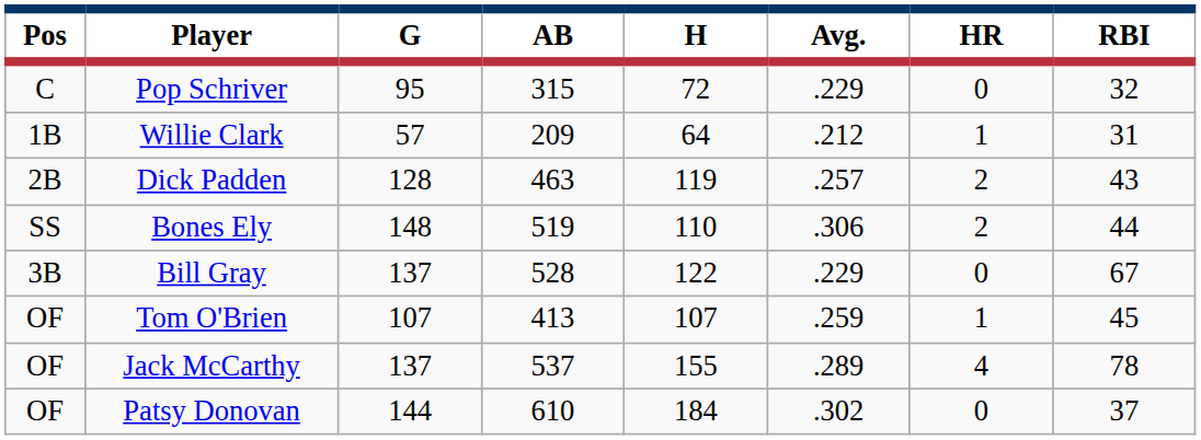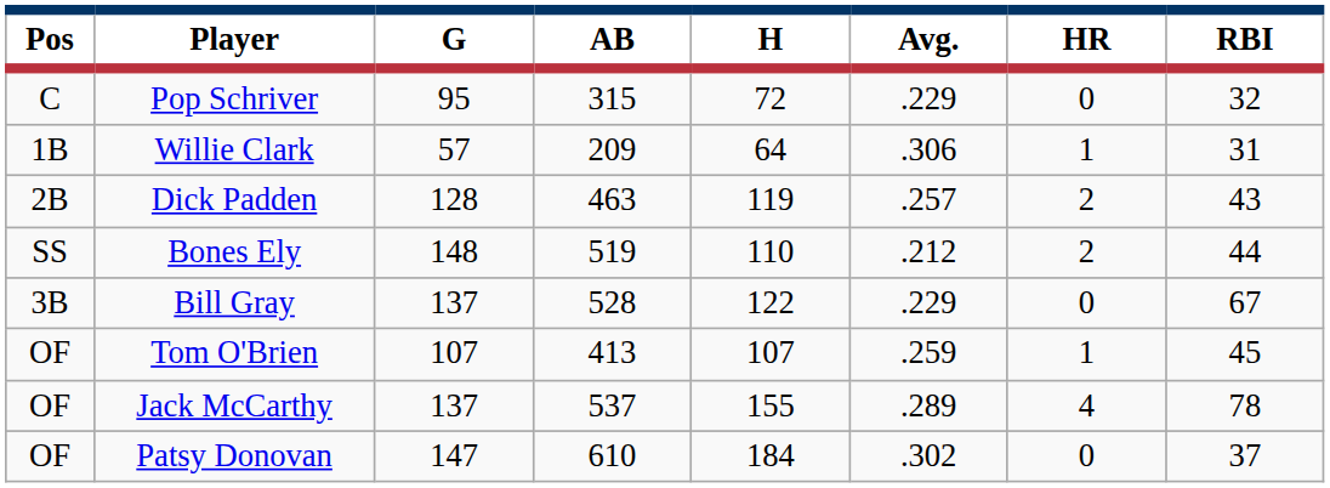 <table class="wikitable sortable">
 <tr>
 <th style="background:#FFFFFF; border-top:#023465 5px solid; border-bottom:#ba313c 5px solid;" width="5%">Pos</th>
 <th style="background:#FFFFFF; border-top:#023465 5px solid; border-bottom:#ba313c 5px solid;" width="16%">Player</th>
 <th style="background:#FFFFFF; border-top:#023465 5px solid; border-bottom:#ba313c 5px solid;" width="9%">G</th>
 <th style="background:#FFFFFF; border-top:#023465 5px solid; border-bottom:#ba313c 5px solid;" width="9%">AB</th>
 <th style="background:#FFFFFF; border-top:#023465 5px solid; border-bottom:#ba313c 5px solid;" width="9%">H</th>
 <th style="background:#FFFFFF; border-top:#023465 5px solid; border-bottom:#ba313c 5px solid;" width="9%">Avg.</th>
 <th style="background:#FFFFFF; border-top:#023465 5px solid; border-bottom:#ba313c 5px solid;" width="9%">HR</th>
 <th style="background:#FFFFFF; border-top:#023465 5px solid; border-bottom:#ba313c 5px solid;" width="9%">RBI</th>
 </tr>
 <tr align="center">
 <td>C</td>
 <td><a href='#'>Pop Schriver</a></td>
 <td>95</td>
 <td>315</td>
 <td>72</td>
 <td>.229</td>
 <td>0</td>
 <td>32</td>
 </tr>
 <tr align=center>
 <td>1B</td>
 <td><a href='#'>Willie Clark</a></td>
 <td>57</td>
 <td>209</td>
 <td>64</td>
-<td>.212</td>
+<td>.306</td>
 <td>1</td>
 <td>31</td>
 </tr>
 <tr align=center>
 <td>2B</td>
 <td><a href='#'>Dick Padden</a></td>
 <td>128</td>
 <td>463</td>
 <td>119</td>
 <td>.257</td>
 <td>2</td>
 <td>43</td>
 </tr>
 <tr align=center>
 <td>SS</td>
 <td><a href='#'>Bones Ely</a></td>
 <td>148</td>
 <td>519</td>
 <td>110</td>
-<td>.306</td>
+<td>.212</td>
 <td>2</td>
 <td>44</td>
 </tr>
 <tr align=center>
 <td>3B</td>
 <td><a href='#'>Bill Gray</a></td>
 <td>137</td>
 <td>528</td>
 <td>122</td>
 <td>.229</td>
 <td>0</td>
 <td>67</td>
 </tr>
 <tr align=center>
 <td>OF</td>
 <td><a href='#'>Tom O'Brien</a></td>
 <td>107</td>
 <td>413</td>
 <td>107</td>
 <td>.259</td>
 <td>1</td>
 <td>45</td>
 </tr>
 <tr align=center>
 <td>OF</td>
 <td><a href='#'>Jack McCarthy</a></td>
 <td>137</td>
 <td>537</td>
 <td>155</td>
 <td>.289</td>
 <td>4</td>
 <td>78</td>
 </tr>
 <tr align=center>
 <td>OF</td>
 <td><a href='#'>Patsy Donovan</a></td>
-<td>144</td>
+<td>147</td>
 <td>610</td>
 <td>184</td>
 <td>.302</td>
 <td>0</td>
 <td>37</td>
 </tr>
 </table>
